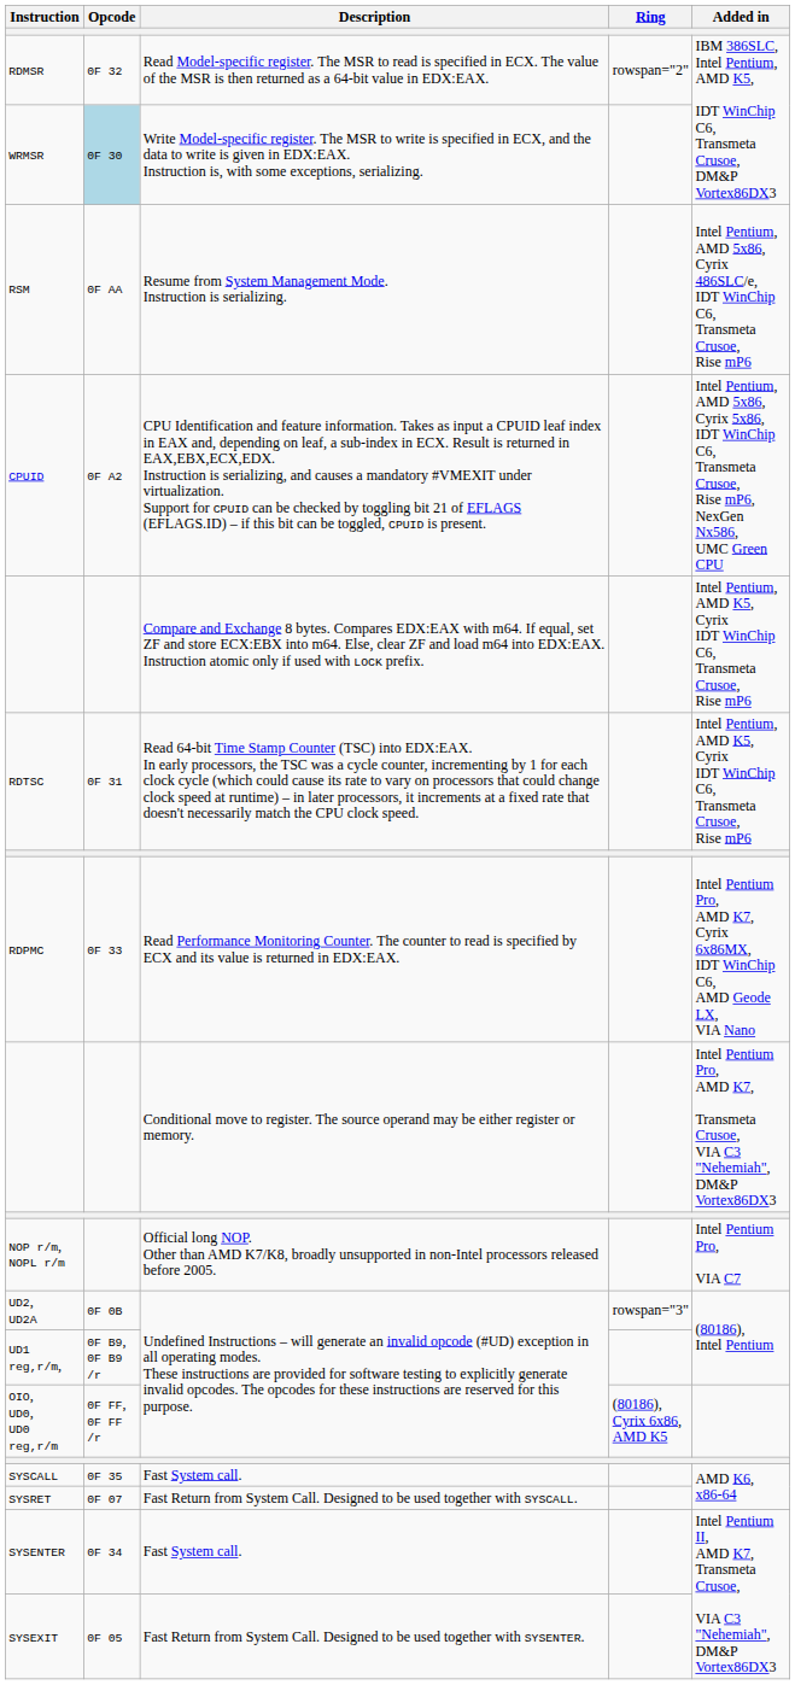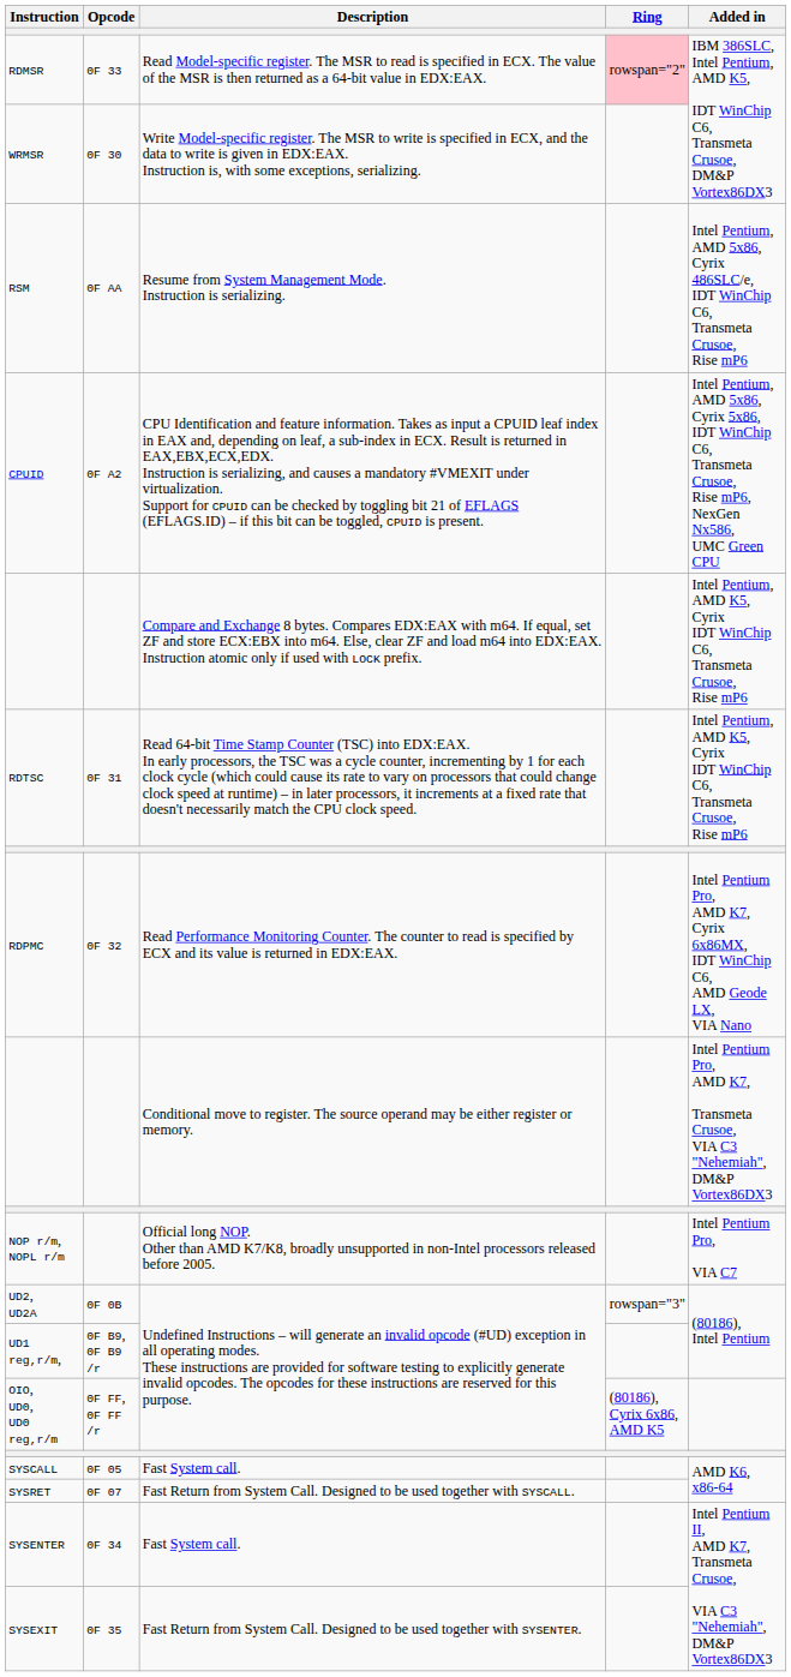 <table class="wikitable sortable sticky-header">
 <tr>
 <th>Instruction</th>
 <th>Opcode</th>
 <th>Description</th>
 <th><a href='#'>Ring</a></th>
 <th>Added in</th>
 </tr>
 <tr>
 <th colspan="5"></th>
 </tr>
 <tr>
 <td><code>RDMSR</code></td>
-<td><code>0F 32</code></td>
+<td><code>0F 33</code></td>
 <td>Read <a href='#'>Model-specific register</a>. The MSR to read is specified in ECX. The value of the MSR is then returned as a 64-bit value in EDX:EAX.</td>
-<td>rowspan="2" </td>
+<td style="background: pink;">rowspan="2" </td>
 <td rowspan="2">IBM <a href='#'>386SLC</a>,<br>Intel <a href='#'>Pentium</a>,<br>AMD <a href='#'>K5</a>,<br><br>IDT <a href='#'>WinChip</a> C6,<br>Transmeta <a href='#'>Crusoe</a>,<br>DM&P <a href='#'>Vortex86DX</a>3</td>
 </tr>
 <tr>
 <td><code>WRMSR</code></td>
-<td style="background: lightblue;"><code>0F 30</code></td>
+<td><code>0F 30</code></td>
 <td>Write <a href='#'>Model-specific register</a>. The MSR to write is specified in ECX, and the data to write is given in EDX:EAX.<br>Instruction is, with some exceptions, serializing.</td>
 </tr>
 <tr>
 <td><code>RSM</code></td>
 <td><code>0F AA</code></td>
 <td>Resume from <a href='#'>System Management Mode</a>.<br>Instruction is serializing.</td>
 <td></td>
 <td><br>Intel <a href='#'>Pentium</a>,<br>AMD <a href='#'>5x86</a>,<br>Cyrix <a href='#'>486SLC</a>/e,<br>IDT <a href='#'>WinChip</a> C6,<br>Transmeta <a href='#'>Crusoe</a>,<br>Rise <a href='#'>mP6</a></td>
 </tr>
 <tr>
 <td><code><a href='#'>CPUID</a></code></td>
 <td><code>0F A2</code></td>
 <td>CPU Identification and feature information. Takes as input a CPUID leaf index in EAX and, depending on leaf, a sub-index in ECX. Result is returned in EAX,EBX,ECX,EDX.<br>Instruction is serializing, and causes a mandatory #VMEXIT under virtualization.<br>Support for <code>CPUID</code> can be checked by toggling bit 21 of <a href='#'>EFLAGS</a> (EFLAGS.ID) – if this bit can be toggled, <code>CPUID</code> is present.</td>
 <td></td>
 <td>Intel <a href='#'>Pentium</a>,<br>AMD <a href='#'>5x86</a>,<br>Cyrix <a href='#'>5x86</a>,<br>IDT <a href='#'>WinChip</a> C6,<br>Transmeta <a href='#'>Crusoe</a>,<br>Rise <a href='#'>mP6</a>,<br>NexGen <a href='#'>Nx586</a>,<br>UMC <a href='#'>Green CPU</a></td>
 </tr>
 <tr>
 <td></td>
 <td></td>
 <td><a href='#'>Compare and Exchange</a> 8 bytes. Compares EDX:EAX with m64. If equal, set ZF and store ECX:EBX into m64. Else, clear ZF and load m64 into EDX:EAX.<br>Instruction atomic only if used with <code>LOCK</code> prefix.</td>
 <td></td>
 <td>Intel <a href='#'>Pentium</a>,<br>AMD <a href='#'>K5</a>,<br>Cyrix <br>IDT <a href='#'>WinChip</a> C6,<br>Transmeta <a href='#'>Crusoe</a>,<br>Rise <a href='#'>mP6</a></td>
 </tr>
 <tr>
 <td><code>RDTSC</code></td>
 <td><code>0F 31</code></td>
 <td>Read 64-bit <a href='#'>Time Stamp Counter</a> (TSC) into EDX:EAX.<br>In early processors, the TSC was a cycle counter, incrementing by 1 for each clock cycle (which could cause its rate to vary on processors that could change clock speed at runtime) – in later processors, it increments at a fixed rate that doesn't necessarily match the CPU clock speed.</td>
 <td></td>
 <td>Intel <a href='#'>Pentium</a>,<br>AMD <a href='#'>K5</a>,<br>Cyrix <br>IDT <a href='#'>WinChip</a> C6,<br>Transmeta <a href='#'>Crusoe</a>,<br>Rise <a href='#'>mP6</a></td>
 </tr>
 <tr>
 <th colspan="5"></th>
 </tr>
 <tr>
 <td><code>RDPMC</code></td>
-<td><code>0F 33</code></td>
+<td><code>0F 32</code></td>
 <td>Read <a href='#'>Performance Monitoring Counter</a>. The counter to read is specified by ECX and its value is returned in EDX:EAX.</td>
 <td></td>
 <td><br>Intel <a href='#'>Pentium Pro</a>,<br>AMD <a href='#'>K7</a>,<br>Cyrix <a href='#'>6x86MX</a>,<br>IDT <a href='#'>WinChip</a> C6,<br>AMD <a href='#'>Geode LX</a>,<br>VIA <a href='#'>Nano</a></td>
 </tr>
 <tr>
 <td></td>
 <td></td>
 <td>Conditional move to register. The source operand may be either register or memory.</td>
 <td></td>
 <td>Intel <a href='#'>Pentium Pro</a>,<br>AMD <a href='#'>K7</a>,<br><br>Transmeta <a href='#'>Crusoe</a>,<br>VIA <a href='#'>C3 "Nehemiah"</a>,<br>DM&P <a href='#'>Vortex86DX</a>3</td>
 </tr>
 <tr>
 <th colspan="5"></th>
 </tr>
 <tr>
 <td><code>NOP r/m</code>,<br><code>NOPL r/m</code></td>
 <td></td>
 <td>Official long <a href='#'>NOP</a>.<br>Other than AMD K7/K8, broadly unsupported in non-Intel processors released before 2005.</td>
 <td></td>
 <td>Intel <a href='#'>Pentium Pro</a>,<br><br>VIA <a href='#'>C7</a></td>
 </tr>
 <tr>
 <td><code>UD2</code>,<br><code>UD2A</code></td>
 <td><code>0F 0B</code></td>
 <td rowspan="3">Undefined Instructions – will generate an <a href='#'>invalid opcode</a> (#UD) exception in all operating modes.<br>These instructions are provided for software testing to explicitly generate invalid opcodes. The opcodes for these instructions are reserved for this purpose.</td>
 <td>rowspan="3" </td>
 <td rowspan="2">(<a href='#'>80186</a>),<br>Intel <a href='#'>Pentium</a></td>
 </tr>
 <tr>
 <td><code>UD1 reg,r/m</code>,<br></td>
 <td><code>0F B9</code>,<br><code>0F B9 /r</code></td>
 </tr>
 <tr>
 <td><code>OIO</code>,<br><code>UD0</code>,<br><code>UD0 reg,r/m</code></td>
 <td><code>0F FF</code>,<br><code>0F FF /r</code></td>
 <td>(<a href='#'>80186</a>),<br><a href='#'>Cyrix 6x86</a>,<br><a href='#'>AMD K5</a><br></td>
 </tr>
 <tr>
 <th colspan="5"></th>
 </tr>
 <tr>
 <td><code>SYSCALL</code></td>
-<td><code>0F 35</code></td>
+<td><code>0F 05</code></td>
 <td>Fast <a href='#'>System call</a>.</td>
 <td></td>
 <td rowspan="2">AMD <a href='#'>K6</a>,<br><a href='#'>x86-64</a></td>
 </tr>
 <tr>
 <td><code>SYSRET</code></td>
 <td><code>0F 07</code></td>
 <td>Fast Return from System Call. Designed to be used together with <code>SYSCALL</code>.</td>
 <td></td>
 </tr>
 <tr>
 <td><code>SYSENTER</code></td>
 <td><code>0F 34</code></td>
 <td>Fast <a href='#'>System call</a>.</td>
 <td></td>
 <td rowspan="2">Intel <a href='#'>Pentium II</a>,<br>AMD <a href='#'>K7</a>,<br>Transmeta <a href='#'>Crusoe</a>,<br><br>VIA <a href='#'>C3 "Nehemiah"</a>,<br>DM&P <a href='#'>Vortex86DX</a>3</td>
 </tr>
 <tr>
 <td><code>SYSEXIT</code></td>
-<td><code>0F 05</code></td>
+<td><code>0F 35</code></td>
 <td>Fast Return from System Call. Designed to be used together with <code>SYSENTER</code>.</td>
 <td></td>
 </tr>
 </table>
